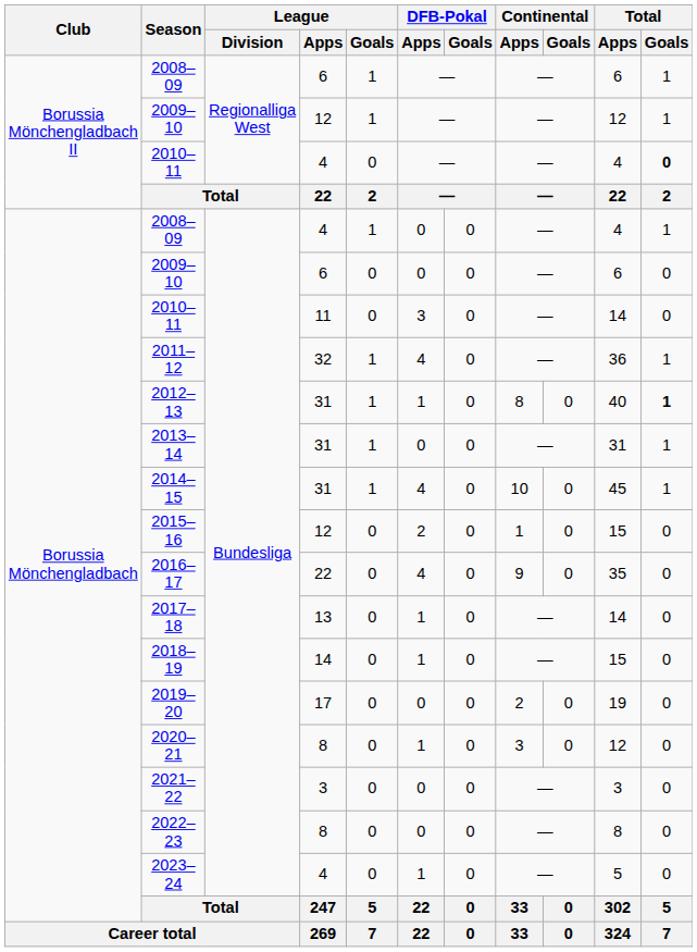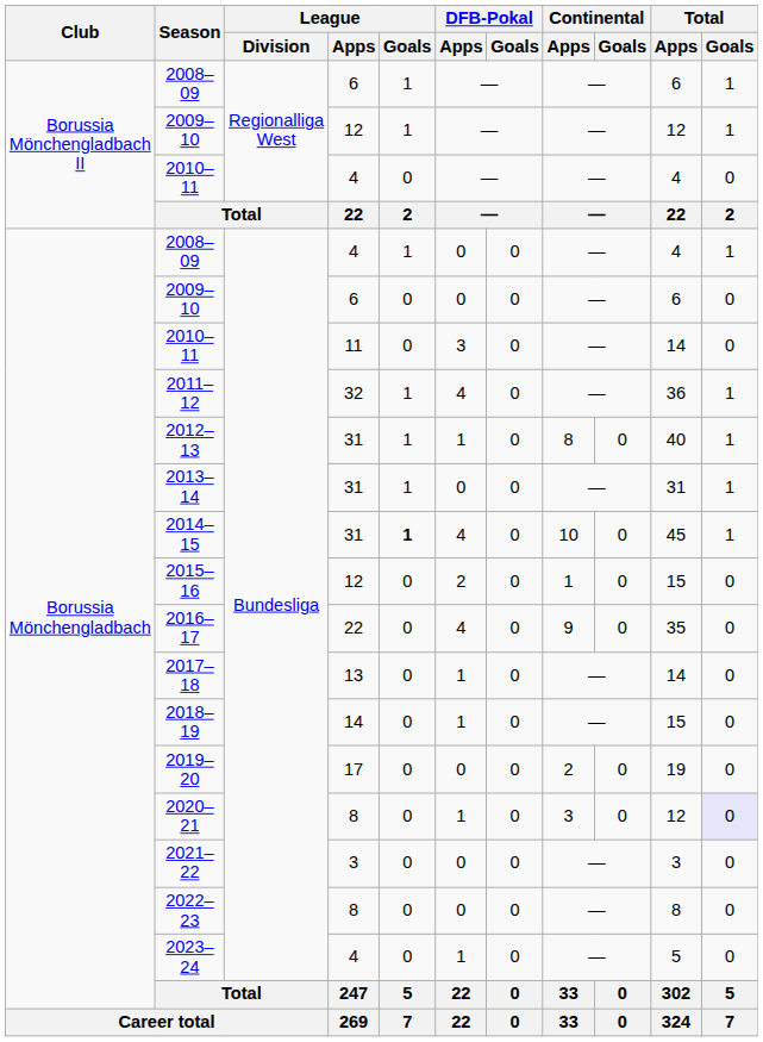 <table class="wikitable" style="text-align:center">
 <tr>
 <th rowspan="2">Club</th>
 <th rowspan="2">Season</th>
 <th colspan="3">League</th>
 <th colspan="2"><a href='#'>DFB-Pokal</a></th>
 <th colspan="2">Continental</th>
 <th colspan="2">Total</th>
 </tr>
 <tr>
 <th>Division</th>
 <th>Apps</th>
 <th>Goals</th>
 <th>Apps</th>
 <th>Goals</th>
 <th>Apps</th>
 <th>Goals</th>
 <th>Apps</th>
 <th>Goals</th>
 </tr>
 <tr>
 <td rowspan="4"><a href='#'>Borussia Mönchengladbach II</a></td>
 <td><a href='#'>2008–09</a></td>
 <td rowspan="3"><a href='#'>Regionalliga West</a></td>
 <td>6</td>
 <td>1</td>
 <td colspan="2">—</td>
 <td colspan="2">—</td>
 <td>6</td>
 <td>1</td>
 </tr>
 <tr>
 <td><a href='#'>2009–10</a></td>
 <td>12</td>
 <td>1</td>
 <td colspan="2">—</td>
 <td colspan="2">—</td>
 <td>12</td>
 <td>1</td>
 </tr>
 <tr>
 <td><a href='#'>2010–11</a></td>
 <td>4</td>
 <td>0</td>
 <td colspan="2">—</td>
 <td colspan="2">—</td>
 <td>4</td>
-<td><strong>0</strong></td>
+<td>0</td>
 </tr>
 <tr>
 <th colspan="2">Total</th>
 <th>22</th>
 <th>2</th>
 <th colspan="2">—</th>
 <th colspan="2">—</th>
 <th>22</th>
 <th>2</th>
 </tr>
 <tr>
 <td rowspan="17"><a href='#'>Borussia Mönchengladbach</a></td>
 <td><a href='#'>2008–09</a></td>
 <td rowspan="16"><a href='#'>Bundesliga</a></td>
 <td>4</td>
 <td>1</td>
 <td>0</td>
 <td>0</td>
 <td colspan="2">—</td>
 <td>4</td>
 <td>1</td>
 </tr>
 <tr>
 <td><a href='#'>2009–10</a></td>
 <td>6</td>
 <td>0</td>
 <td>0</td>
 <td>0</td>
 <td colspan="2">—</td>
 <td>6</td>
 <td>0</td>
 </tr>
 <tr>
 <td><a href='#'>2010–11</a></td>
 <td>11</td>
 <td>0</td>
 <td>3</td>
 <td>0</td>
 <td colspan="2">—</td>
 <td>14</td>
 <td>0</td>
 </tr>
 <tr>
 <td><a href='#'>2011–12</a></td>
 <td>32</td>
 <td>1</td>
 <td>4</td>
 <td>0</td>
 <td colspan="2">—</td>
 <td>36</td>
 <td>1</td>
 </tr>
 <tr>
 <td><a href='#'>2012–13</a></td>
 <td>31</td>
 <td>1</td>
 <td>1</td>
 <td>0</td>
 <td>8</td>
 <td>0</td>
 <td>40</td>
-<td><strong>1</strong></td>
+<td>1</td>
 </tr>
 <tr>
 <td><a href='#'>2013–14</a></td>
 <td>31</td>
 <td>1</td>
 <td>0</td>
 <td>0</td>
 <td colspan="2">—</td>
 <td>31</td>
 <td>1</td>
 </tr>
 <tr>
 <td><a href='#'>2014–15</a></td>
 <td>31</td>
-<td>1</td>
+<td><strong>1</strong></td>
 <td>4</td>
 <td>0</td>
 <td>10</td>
 <td>0</td>
 <td>45</td>
 <td>1</td>
 </tr>
 <tr>
 <td><a href='#'>2015–16</a></td>
 <td>12</td>
 <td>0</td>
 <td>2</td>
 <td>0</td>
 <td>1</td>
 <td>0</td>
 <td>15</td>
 <td>0</td>
 </tr>
 <tr>
 <td><a href='#'>2016–17</a></td>
 <td>22</td>
 <td>0</td>
 <td>4</td>
 <td>0</td>
 <td>9</td>
 <td>0</td>
 <td>35</td>
 <td>0</td>
 </tr>
 <tr>
 <td><a href='#'>2017–18</a></td>
 <td>13</td>
 <td>0</td>
 <td>1</td>
 <td>0</td>
 <td colspan="2">—</td>
 <td>14</td>
 <td>0</td>
 </tr>
 <tr>
 <td><a href='#'>2018–19</a></td>
 <td>14</td>
 <td>0</td>
 <td>1</td>
 <td>0</td>
 <td colspan="2">—</td>
 <td>15</td>
 <td>0</td>
 </tr>
 <tr>
 <td><a href='#'>2019–20</a></td>
 <td>17</td>
 <td>0</td>
 <td>0</td>
 <td>0</td>
 <td>2</td>
 <td>0</td>
 <td>19</td>
 <td>0</td>
 </tr>
 <tr>
 <td><a href='#'>2020–21</a></td>
 <td>8</td>
 <td>0</td>
 <td>1</td>
 <td>0</td>
 <td>3</td>
 <td>0</td>
 <td>12</td>
-<td>0</td>
+<td style="background: lavender;">0</td>
 </tr>
 <tr>
 <td><a href='#'>2021–22</a></td>
 <td>3</td>
 <td>0</td>
 <td>0</td>
 <td>0</td>
 <td colspan="2">—</td>
 <td>3</td>
 <td>0</td>
 </tr>
 <tr>
 <td><a href='#'>2022–23</a></td>
 <td>8</td>
 <td>0</td>
 <td>0</td>
 <td>0</td>
 <td colspan="2">—</td>
 <td>8</td>
 <td>0</td>
 </tr>
 <tr>
 <td><a href='#'>2023–24</a></td>
 <td>4</td>
 <td>0</td>
 <td>1</td>
 <td>0</td>
 <td colspan="2">—</td>
 <td>5</td>
 <td>0</td>
 </tr>
 <tr>
 <th colspan="2">Total</th>
 <th>247</th>
 <th>5</th>
 <th>22</th>
 <th>0</th>
 <th>33</th>
 <th>0</th>
 <th>302</th>
 <th>5</th>
 </tr>
 <tr>
 <th colspan="3">Career total</th>
 <th>269</th>
 <th>7</th>
 <th>22</th>
 <th>0</th>
 <th>33</th>
 <th>0</th>
 <th>324</th>
 <th>7</th>
 </tr>
 </table>
